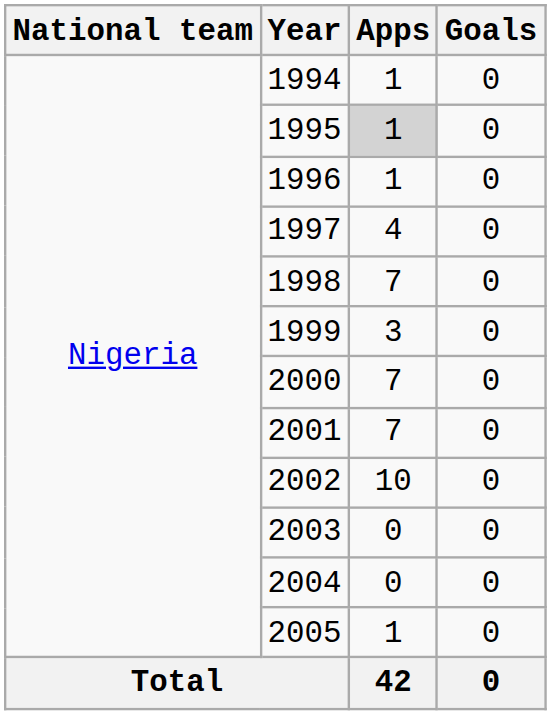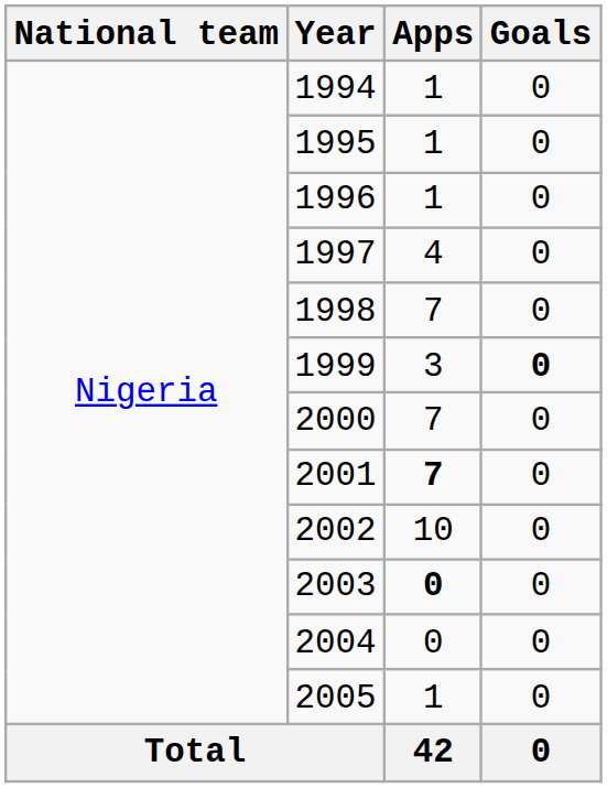 <table class="wikitable" style="text-align:center">
 <tr>
 <th>National team</th>
 <th>Year</th>
 <th>Apps</th>
 <th>Goals</th>
 </tr>
 <tr>
 <td rowspan="12"><a href='#'>Nigeria</a></td>
 <td>1994</td>
 <td>1</td>
 <td>0</td>
 </tr>
 <tr>
 <td>1995</td>
-<td style="background: lightgrey;">1</td>
+<td>1</td>
 <td>0</td>
 </tr>
 <tr>
 <td>1996</td>
 <td>1</td>
 <td>0</td>
 </tr>
 <tr>
 <td>1997</td>
 <td>4</td>
 <td>0</td>
 </tr>
 <tr>
 <td>1998</td>
 <td>7</td>
 <td>0</td>
 </tr>
 <tr>
 <td>1999</td>
 <td>3</td>
-<td>0</td>
+<td><strong>0</strong></td>
 </tr>
 <tr>
 <td>2000</td>
 <td>7</td>
 <td>0</td>
 </tr>
 <tr>
 <td>2001</td>
-<td>7</td>
+<td><strong>7</strong></td>
 <td>0</td>
 </tr>
 <tr>
 <td>2002</td>
 <td>10</td>
 <td>0</td>
 </tr>
 <tr>
 <td>2003</td>
-<td>0</td>
+<td><strong>0</strong></td>
 <td>0</td>
 </tr>
 <tr>
 <td>2004</td>
 <td>0</td>
 <td>0</td>
 </tr>
 <tr>
 <td>2005</td>
 <td>1</td>
 <td>0</td>
 </tr>
 <tr>
 <th colspan="2">Total</th>
 <th>42</th>
 <th>0</th>
 </tr>
 </table>
